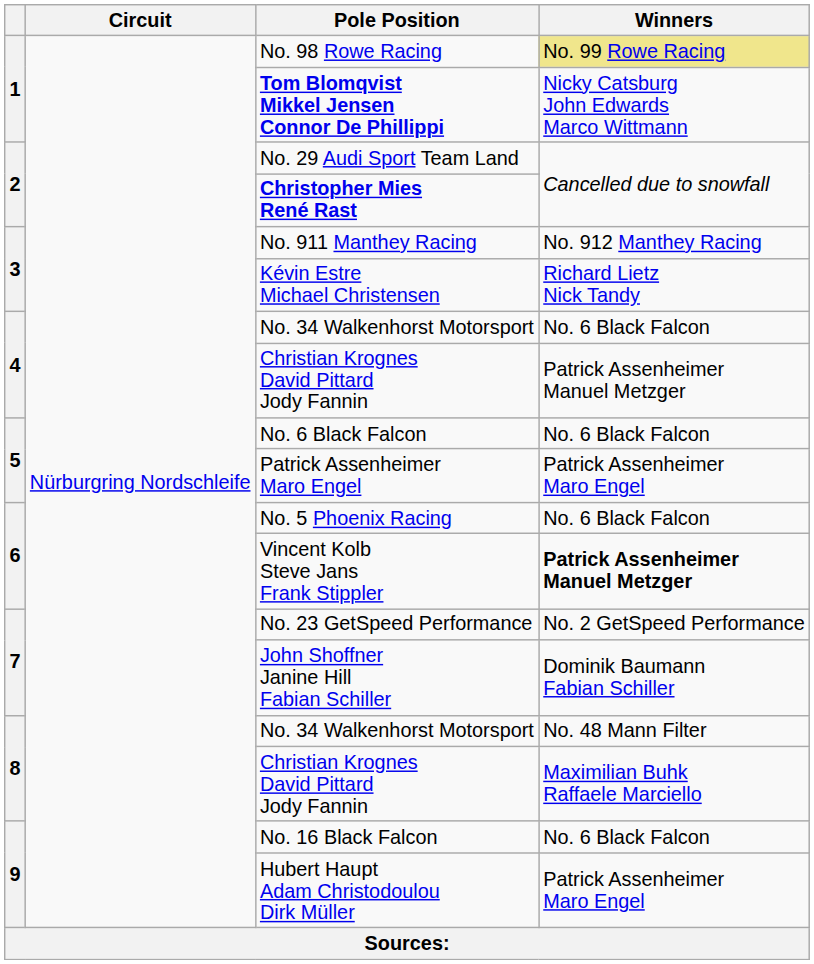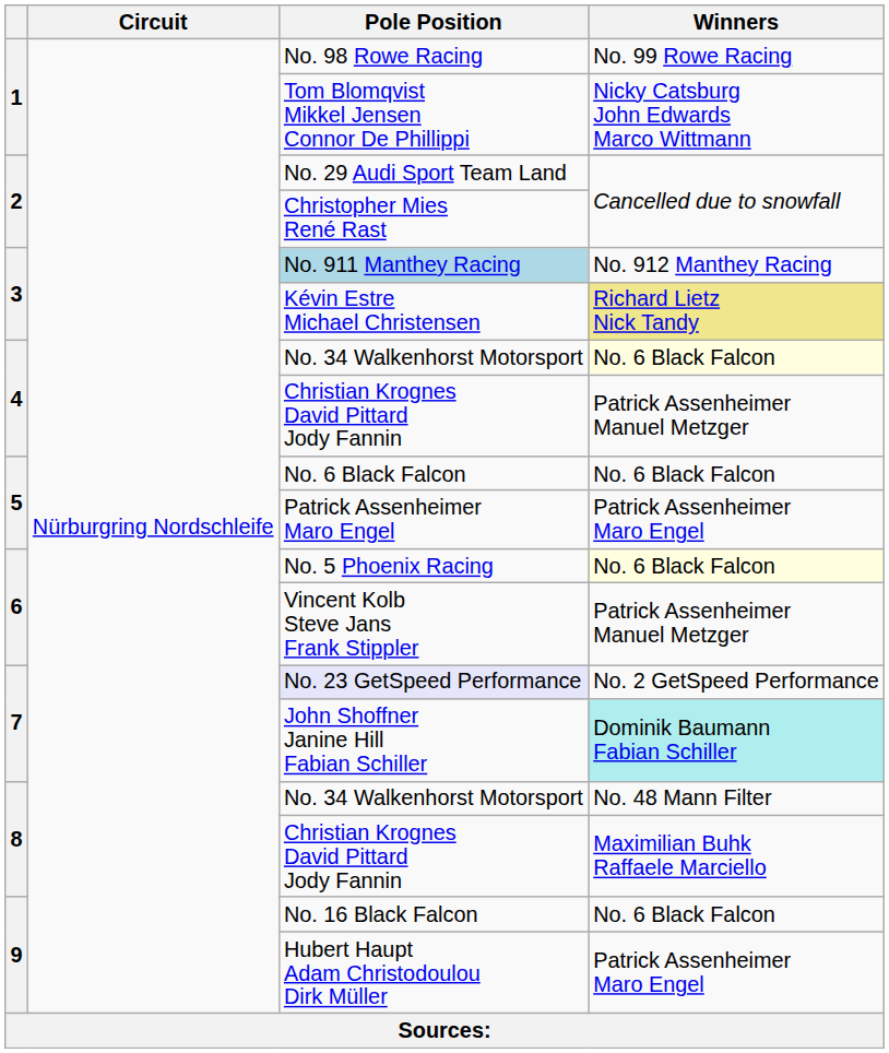 <table class="wikitable" style="font-size: 85%;">
 <tr>
 <th></th>
 <th>Circuit</th>
 <th>Pole Position</th>
 <th>Winners</th>
 </tr>
 <tr>
 <th rowspan=2>1</th>
 <td rowspan="18"> <a href='#'>Nürburgring Nordschleife</a></td>
 <td>No. 98  <a href='#'>Rowe Racing</a></td>
-<td style="background: khaki;">No. 99  <a href='#'>Rowe Racing</a></td>
+<td>No. 99  <a href='#'>Rowe Racing</a></td>
 </tr>
 <tr>
-<td><strong> <a href='#'>Tom Blomqvist</a><br> <a href='#'>Mikkel Jensen</a><br> <a href='#'>Connor De Phillippi</a></strong></td>
+<td> <a href='#'>Tom Blomqvist</a><br> <a href='#'>Mikkel Jensen</a><br> <a href='#'>Connor De Phillippi</a></td>
 <td> <a href='#'>Nicky Catsburg</a><br> <a href='#'>John Edwards</a><br> <a href='#'>Marco Wittmann</a></td>
 </tr>
 <tr>
 <th rowspan=2>2</th>
 <td>No. 29  <a href='#'>Audi Sport</a> Team Land</td>
 <td rowspan=2="2"><em>Cancelled due to snowfall</em></td>
 </tr>
 <tr>
-<td><strong> <a href='#'>Christopher Mies</a><br> <a href='#'>René Rast</a></strong></td>
+<td> <a href='#'>Christopher Mies</a><br> <a href='#'>René Rast</a></td>
 </tr>
 <tr>
 <th rowspan=2>3</th>
-<td>No. 911  <a href='#'>Manthey Racing</a></td>
+<td style="background: lightblue;">No. 911  <a href='#'>Manthey Racing</a></td>
 <td>No. 912  <a href='#'>Manthey Racing</a></td>
 </tr>
 <tr>
 <td> <a href='#'>Kévin Estre</a><br> <a href='#'>Michael Christensen</a></td>
-<td> <a href='#'>Richard Lietz</a><br> <a href='#'>Nick Tandy</a></td>
+<td style="background: khaki;"> <a href='#'>Richard Lietz</a><br> <a href='#'>Nick Tandy</a></td>
 </tr>
 <tr>
 <th rowspan=2>4</th>
 <td>No. 34  Walkenhorst Motorsport</td>
-<td>No. 6  Black Falcon</td>
+<td style="background: lightyellow;">No. 6  Black Falcon</td>
 </tr>
 <tr>
 <td> <a href='#'>Christian Krognes</a><br> <a href='#'>David Pittard</a><br> Jody Fannin</td>
 <td> Patrick Assenheimer<br> Manuel Metzger</td>
 </tr>
 <tr>
 <th rowspan=2>5</th>
 <td>No. 6  Black Falcon</td>
 <td>No. 6  Black Falcon</td>
 </tr>
 <tr>
 <td> Patrick Assenheimer<br> <a href='#'>Maro Engel</a></td>
 <td> Patrick Assenheimer<br> <a href='#'>Maro Engel</a></td>
 </tr>
 <tr>
 <th rowspan=2>6</th>
 <td>No. 5  <a href='#'>Phoenix Racing</a></td>
-<td>No. 6  Black Falcon</td>
+<td style="background: lightyellow;">No. 6  Black Falcon</td>
 </tr>
 <tr>
 <td> Vincent Kolb<br> Steve Jans<br> <a href='#'>Frank Stippler</a></td>
-<td><strong> Patrick Assenheimer<br> Manuel Metzger</strong></td>
+<td> Patrick Assenheimer<br> Manuel Metzger</td>
 </tr>
 <tr>
 <th rowspan=2>7</th>
-<td>No. 23  GetSpeed Performance</td>
+<td style="background: lavender;">No. 23  GetSpeed Performance</td>
 <td>No. 2  GetSpeed Performance</td>
 </tr>
 <tr>
 <td> <a href='#'>John Shoffner</a><br> Janine Hill<br> <a href='#'>Fabian Schiller</a></td>
-<td> Dominik Baumann<br> <a href='#'>Fabian Schiller</a></td>
+<td style="background: paleturquoise;"> Dominik Baumann<br> <a href='#'>Fabian Schiller</a></td>
 </tr>
 <tr>
 <th rowspan=2>8</th>
 <td>No. 34  Walkenhorst Motorsport</td>
 <td>No. 48  Mann Filter</td>
 </tr>
 <tr>
 <td> <a href='#'>Christian Krognes</a><br> <a href='#'>David Pittard</a><br> Jody Fannin</td>
 <td> <a href='#'>Maximilian Buhk</a><br> <a href='#'>Raffaele Marciello</a></td>
 </tr>
 <tr>
 <th rowspan=2>9</th>
 <td>No. 16  Black Falcon</td>
 <td>No. 6  Black Falcon</td>
 </tr>
 <tr>
 <td> Hubert Haupt<br> <a href='#'>Adam Christodoulou</a><br> <a href='#'>Dirk Müller</a></td>
 <td> Patrick Assenheimer<br> <a href='#'>Maro Engel</a></td>
 </tr>
 <tr>
 <th colspan=4>Sources:</th>
 </tr>
 </table>
